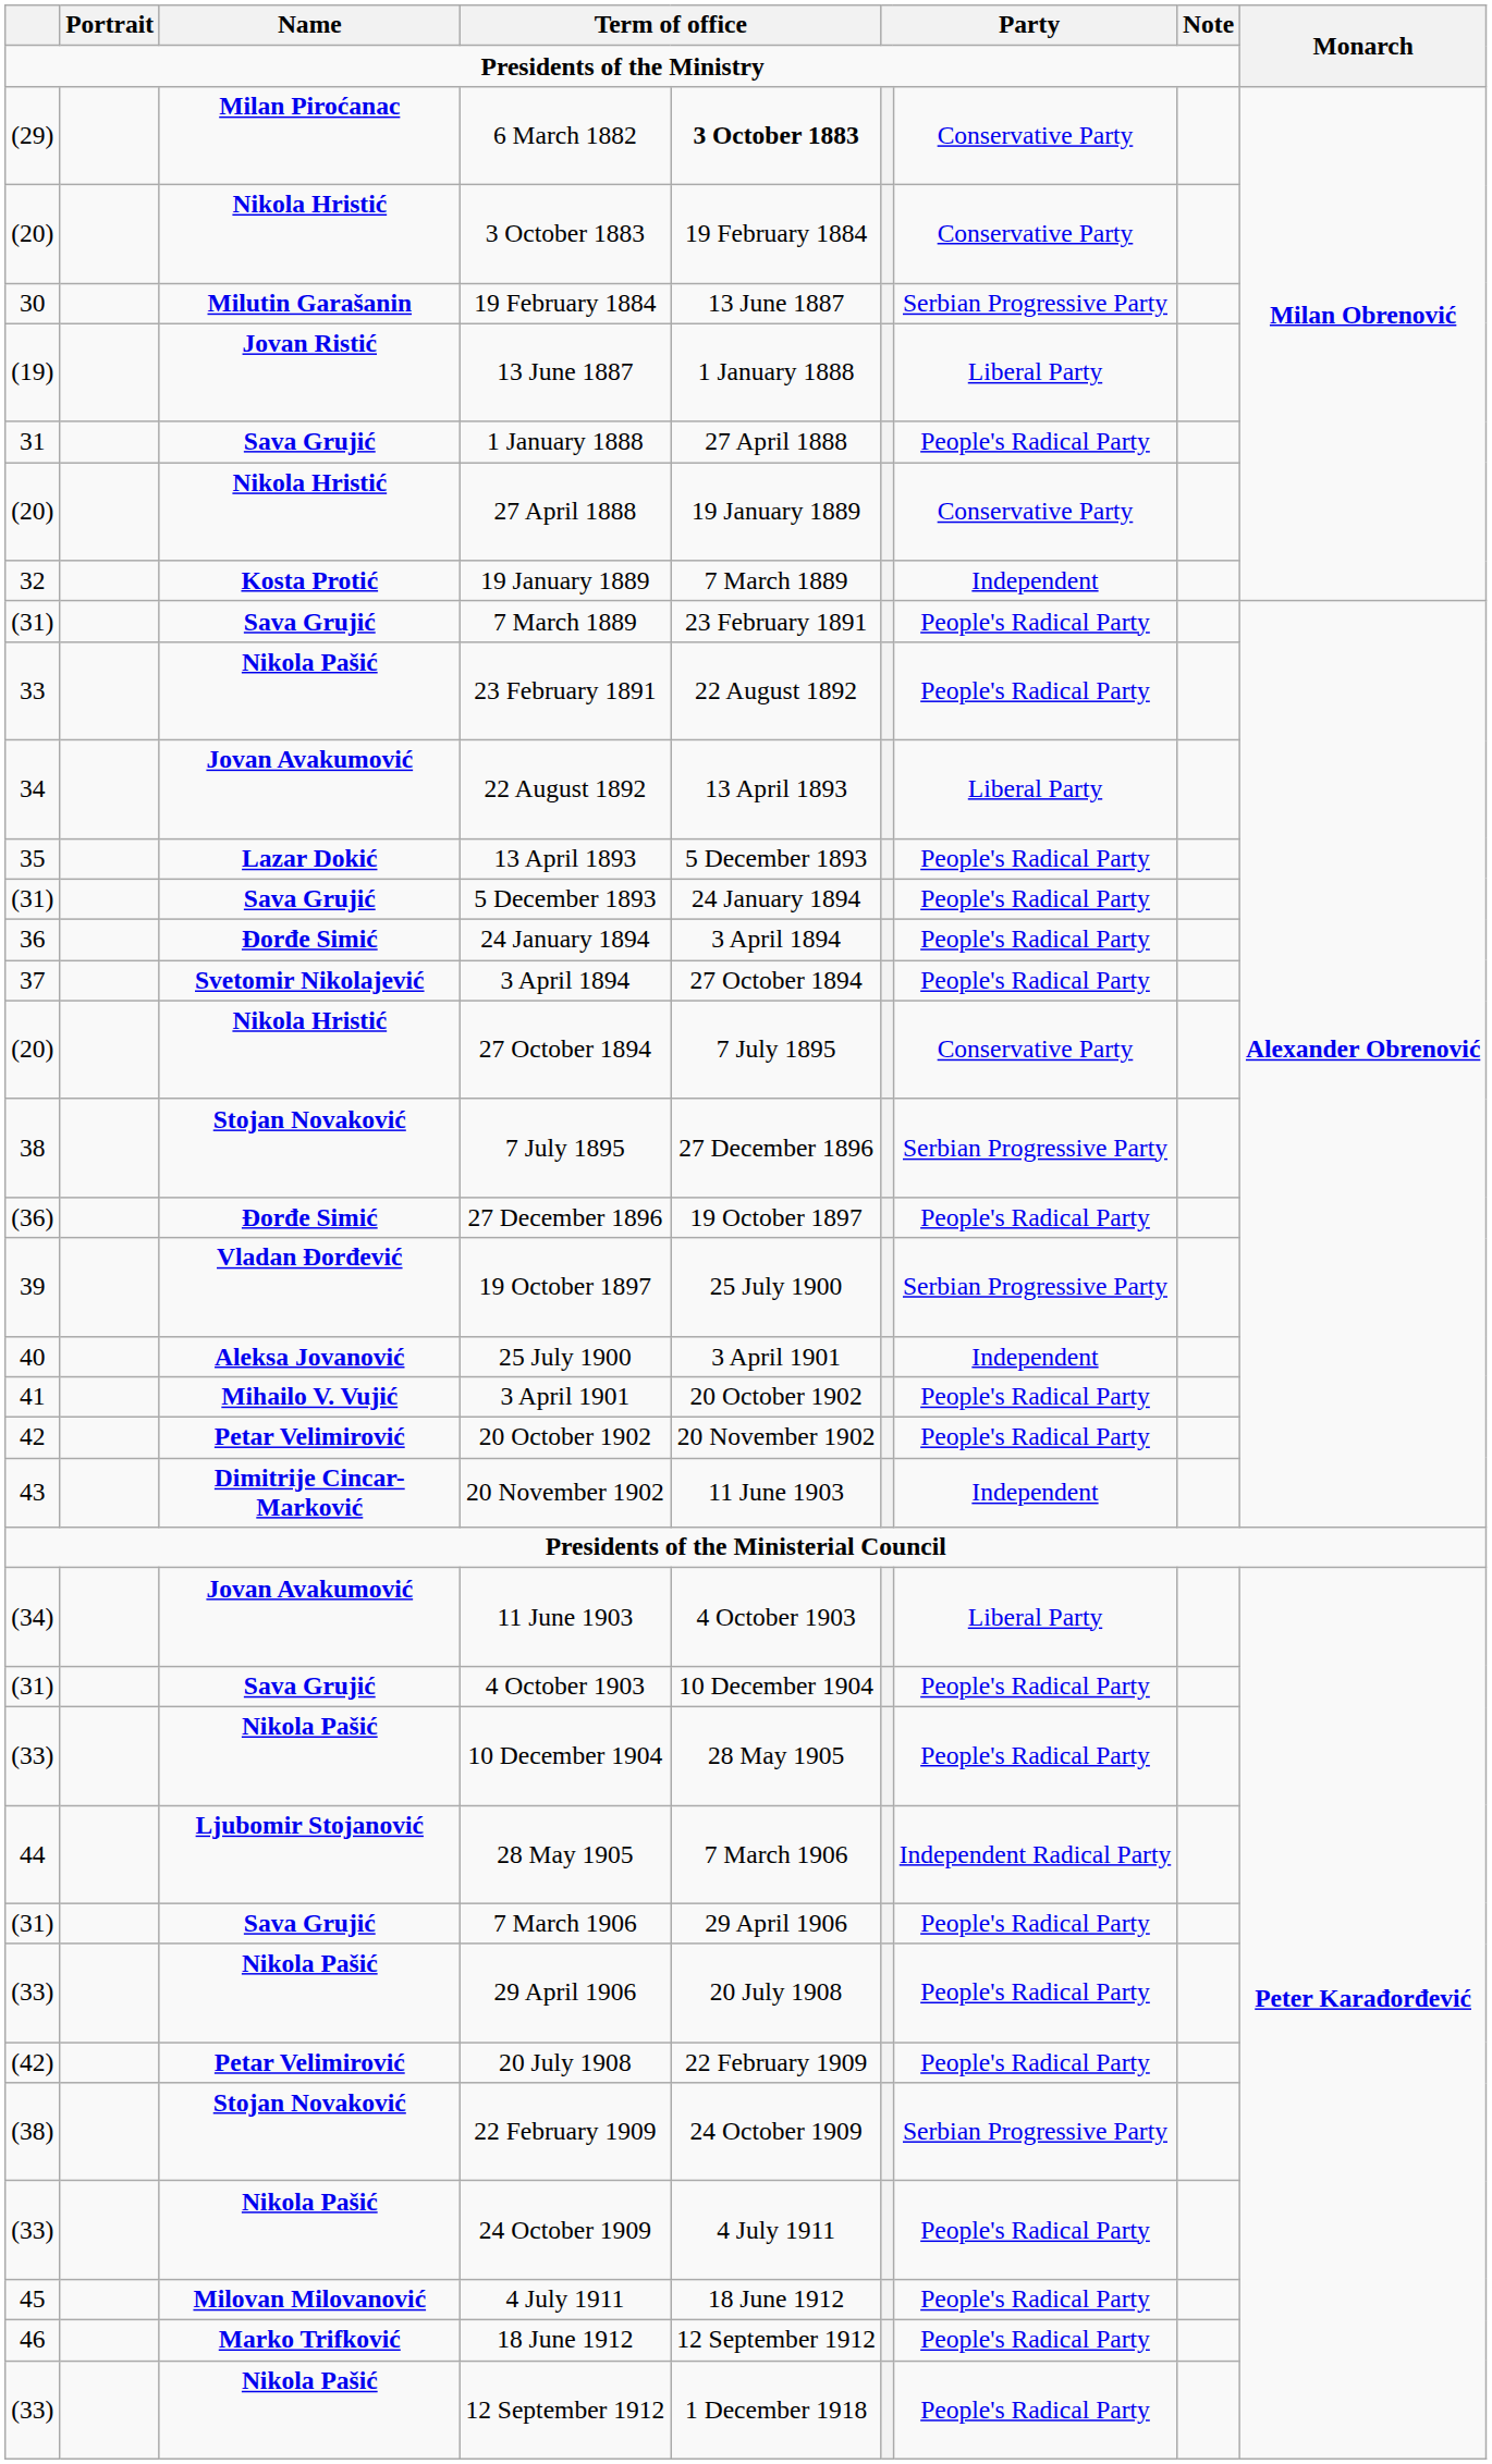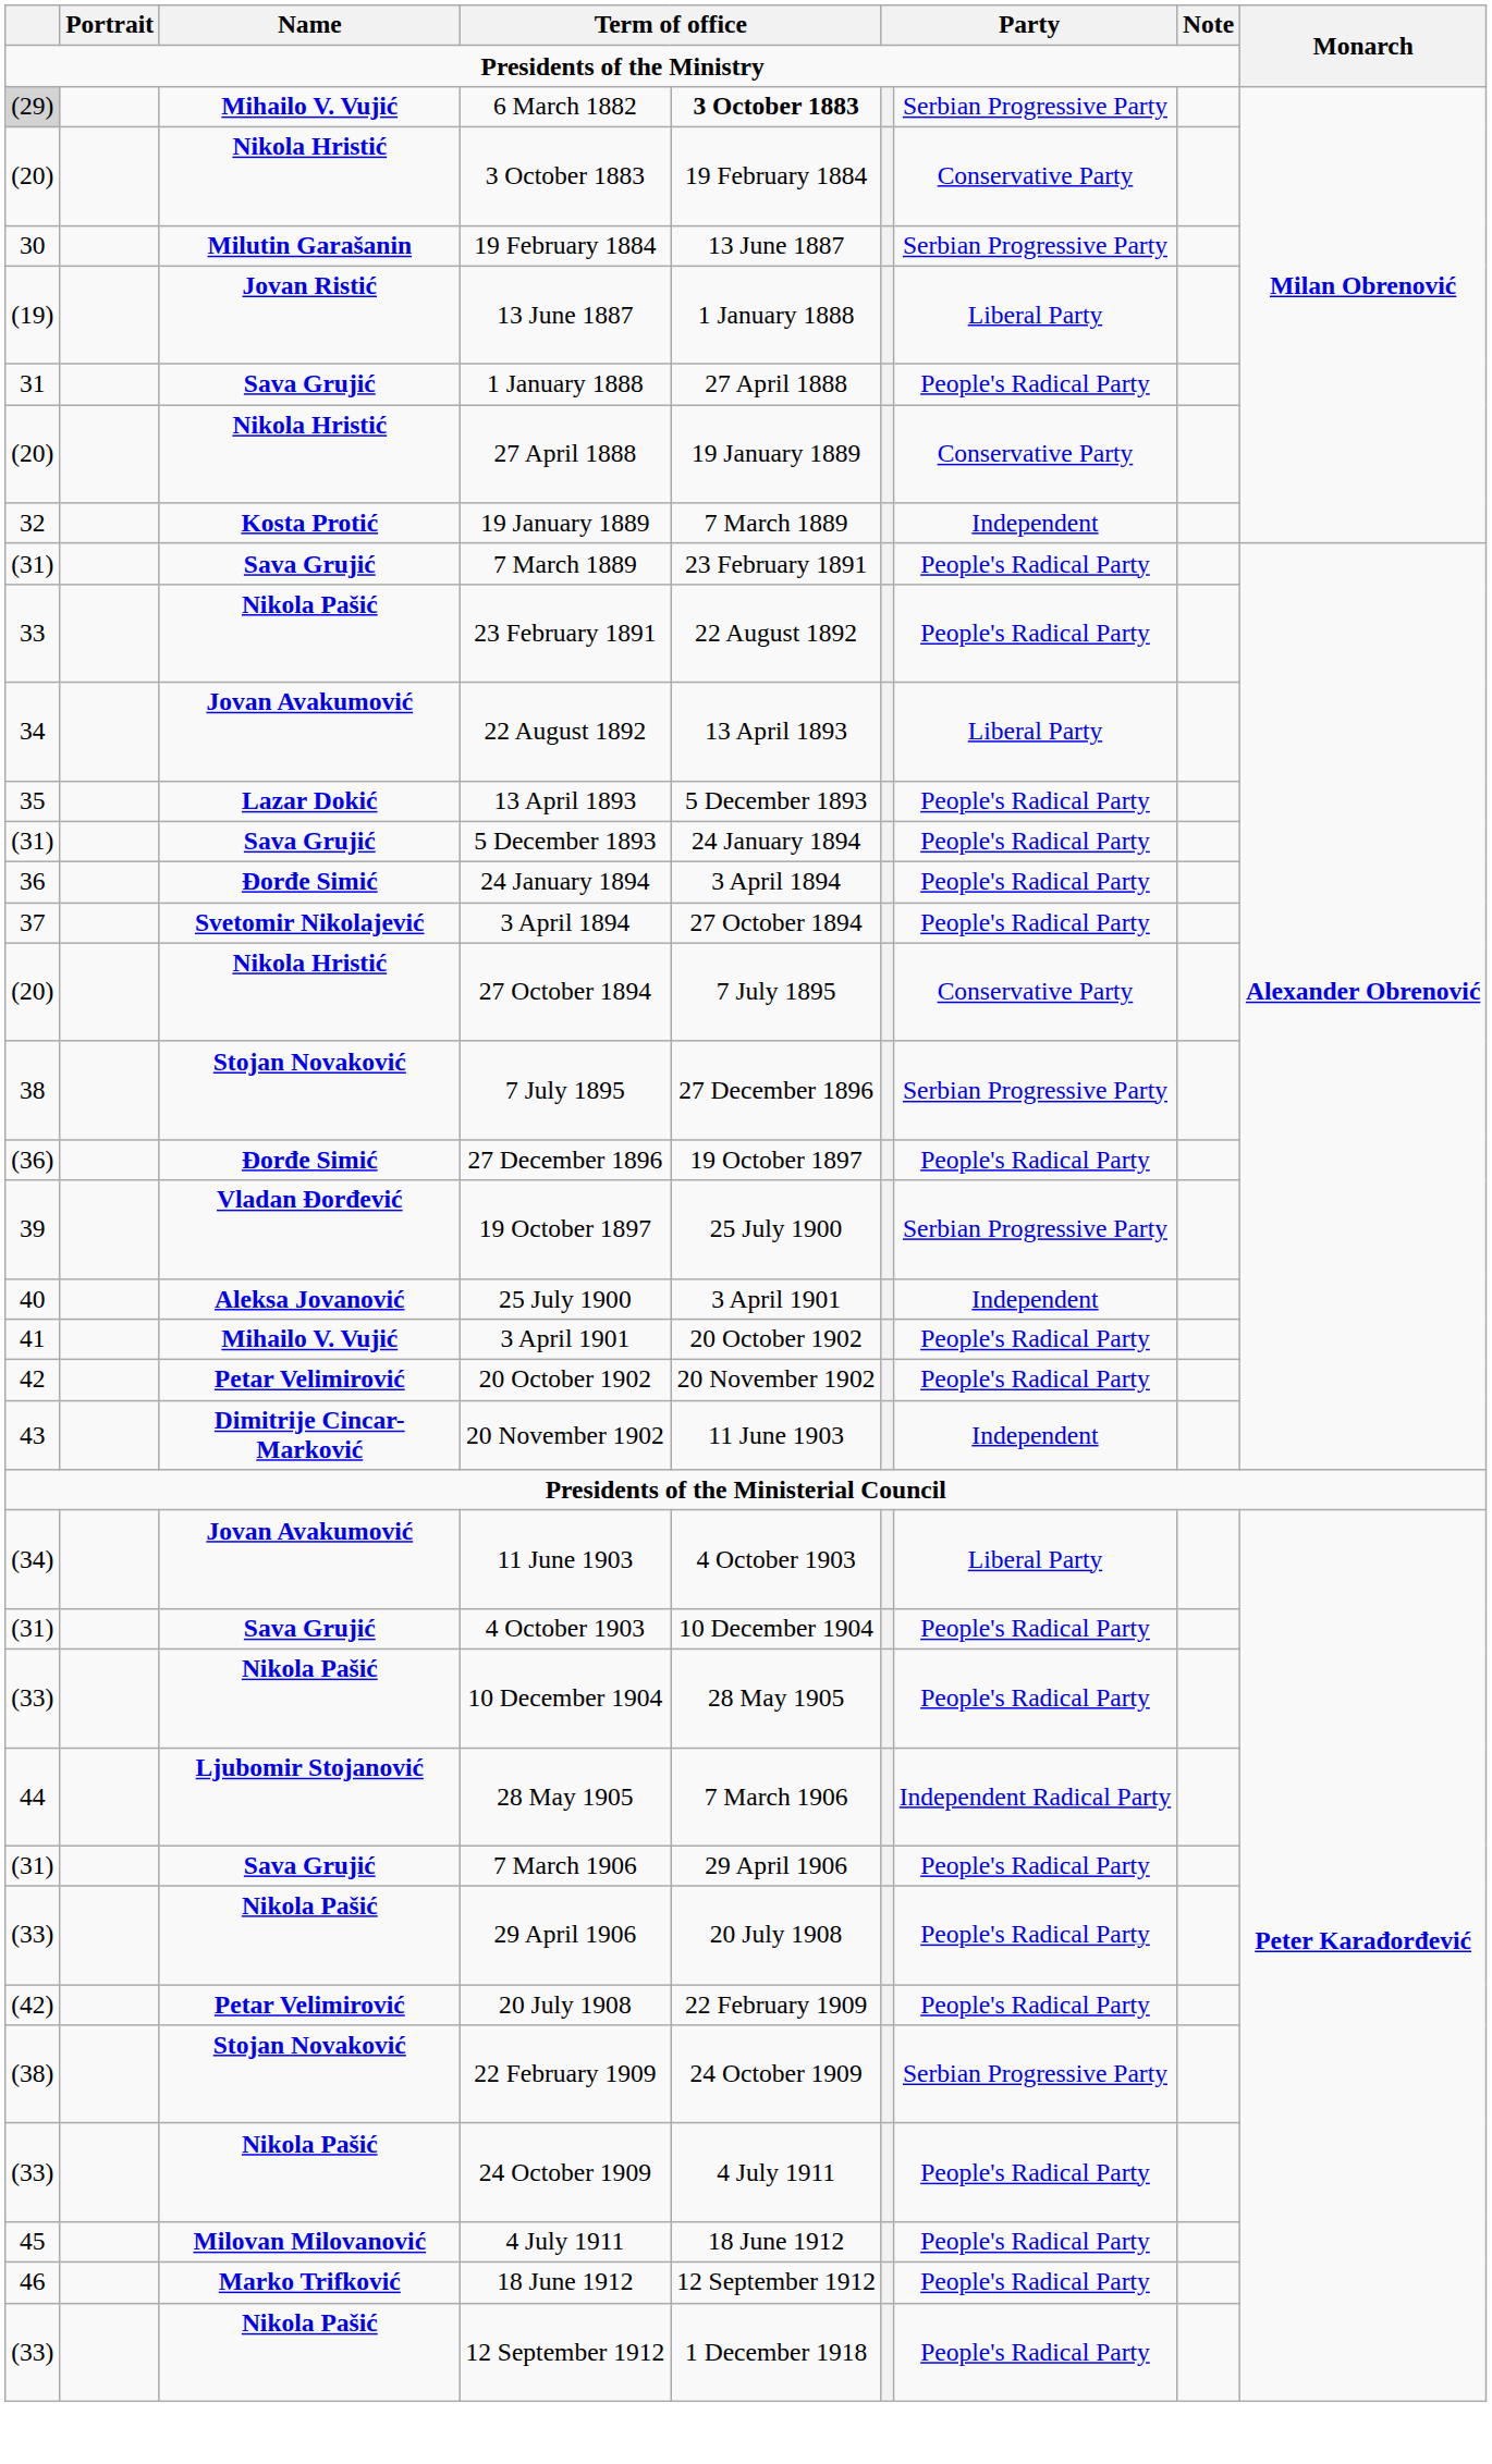 <table class="wikitable" style="text-align:center;">
 <tr>
 <th></th>
 <th>Portrait</th>
 <th width="180px">Name<br></th>
 <th colspan="2">Term of office</th>
 <th colspan="2">Party</th>
 <th>Note</th>
 <th rowspan="2">Monarch</th>
 </tr>
 <tr>
 <td colspan="8"><strong>Presidents of the Ministry</strong><br></td>
 </tr>
 <tr>
-<td>(29)</td>
+<td style="background: lightgrey;">(29)</td>
 <td></td>
-<td><strong><a href='#'>Milan Piroćanac</a></strong><br><br><br></td>
+<td><strong><a href='#'>Mihailo V. Vujić</a></strong><br></td>
 <td>6 March 1882</td>
 <td><strong>3 October 1883</strong></td>
 <th style="background: "></th>
-<td><a href='#'>Conservative Party</a></td>
+<td><a href='#'>Serbian Progressive Party</a></td>
 <td></td>
 <td rowspan="7"><strong><a href='#'>Milan Obrenović</a></strong><br><br><br></td>
 </tr>
 <tr>
 <td>(20)</td>
 <td></td>
 <td><strong><a href='#'>Nikola Hristić</a></strong><br><br><br></td>
 <td>3 October 1883</td>
 <td>19 February 1884</td>
 <th style="background: "></th>
 <td><a href='#'>Conservative Party</a></td>
 <td></td>
 </tr>
 <tr>
 <td>30</td>
 <td></td>
 <td><strong><a href='#'>Milutin Garašanin</a></strong><br></td>
 <td>19 February 1884</td>
 <td>13 June 1887</td>
 <th style="background: "></th>
 <td><a href='#'>Serbian Progressive Party</a></td>
 <td></td>
 </tr>
 <tr>
 <td>(19)</td>
 <td></td>
 <td><strong><a href='#'>Jovan Ristić</a></strong><br><br><br></td>
 <td>13 June 1887</td>
 <td>1 January 1888</td>
 <th style="background: "></th>
 <td><a href='#'>Liberal Party</a></td>
 <td></td>
 </tr>
 <tr>
 <td>31</td>
 <td></td>
 <td><strong><a href='#'>Sava Grujić</a></strong><br></td>
 <td>1 January 1888</td>
 <td>27 April 1888</td>
 <th style="background: "></th>
 <td><a href='#'>People's Radical Party</a></td>
 <td></td>
 </tr>
 <tr>
 <td>(20)</td>
 <td></td>
 <td><strong><a href='#'>Nikola Hristić</a></strong><br><br><br></td>
 <td>27 April 1888</td>
 <td>19 January 1889</td>
 <th style="background: "></th>
 <td><a href='#'>Conservative Party</a></td>
 <td></td>
 </tr>
 <tr>
 <td>32</td>
 <td></td>
 <td><strong><a href='#'>Kosta Protić</a></strong><br></td>
 <td>19 January 1889</td>
 <td>7 March 1889</td>
 <th style="background: "></th>
 <td><a href='#'>Independent</a></td>
 <td></td>
 </tr>
 <tr>
 <td>(31)</td>
 <td></td>
 <td><strong><a href='#'>Sava Grujić</a></strong><br></td>
 <td>7 March 1889</td>
 <td>23 February 1891</td>
 <th style="background: "></th>
 <td><a href='#'>People's Radical Party</a></td>
 <td></td>
 <td rowspan="15"><strong><a href='#'>Alexander Obrenović</a></strong><br><br></td>
 </tr>
 <tr>
 <td>33</td>
 <td></td>
 <td><strong><a href='#'>Nikola Pašić</a></strong><br><br><br></td>
 <td>23 February 1891</td>
 <td>22 August 1892</td>
 <th style="background: "></th>
 <td><a href='#'>People's Radical Party</a></td>
 <td></td>
 </tr>
 <tr>
 <td>34</td>
 <td></td>
 <td><strong><a href='#'>Jovan Avakumović</a></strong><br><br><br></td>
 <td>22 August 1892</td>
 <td>13 April 1893</td>
 <th style="background: "></th>
 <td><a href='#'>Liberal Party</a></td>
 <td></td>
 </tr>
 <tr>
 <td>35</td>
 <td></td>
 <td><strong><a href='#'>Lazar Dokić</a></strong><br></td>
 <td>13 April 1893</td>
 <td>5 December 1893</td>
 <th style="background: "></th>
 <td><a href='#'>People's Radical Party</a></td>
 <td></td>
 </tr>
 <tr>
 <td>(31)</td>
 <td></td>
 <td><strong><a href='#'>Sava Grujić</a></strong><br></td>
 <td>5 December 1893</td>
 <td>24 January 1894</td>
 <th style="background: "></th>
 <td><a href='#'>People's Radical Party</a></td>
 <td></td>
 </tr>
 <tr>
 <td>36</td>
 <td></td>
 <td><strong><a href='#'>Đorđe Simić</a></strong><br></td>
 <td>24 January 1894</td>
 <td>3 April 1894</td>
 <th style="background: "></th>
 <td><a href='#'>People's Radical Party</a></td>
 <td></td>
 </tr>
 <tr>
 <td>37</td>
 <td></td>
 <td><strong><a href='#'>Svetomir Nikolajević</a></strong><br></td>
 <td>3 April 1894</td>
 <td>27 October 1894</td>
 <th style="background: "></th>
 <td><a href='#'>People's Radical Party</a></td>
 <td></td>
 </tr>
 <tr>
 <td>(20)</td>
 <td></td>
 <td><strong><a href='#'>Nikola Hristić</a></strong><br><br><br></td>
 <td>27 October 1894</td>
 <td>7 July 1895</td>
 <th style="background: "></th>
 <td><a href='#'>Conservative Party</a></td>
 <td></td>
 </tr>
 <tr>
 <td>38</td>
 <td></td>
 <td><strong><a href='#'>Stojan Novaković</a></strong><br><br><br></td>
 <td>7 July 1895</td>
 <td>27 December 1896</td>
 <th style="background: "></th>
 <td><a href='#'>Serbian Progressive Party</a></td>
 <td></td>
 </tr>
 <tr>
 <td>(36)</td>
 <td></td>
 <td><strong><a href='#'>Đorđe Simić</a></strong><br></td>
 <td>27 December 1896</td>
 <td>19 October 1897</td>
 <th style="background: "></th>
 <td><a href='#'>People's Radical Party</a></td>
 <td></td>
 </tr>
 <tr>
 <td>39</td>
 <td></td>
 <td><strong><a href='#'>Vladan Đorđević</a></strong><br><br><br></td>
 <td>19 October 1897</td>
 <td>25 July 1900</td>
 <th style="background: "></th>
 <td><a href='#'>Serbian Progressive Party</a></td>
 <td></td>
 </tr>
 <tr>
 <td>40</td>
 <td></td>
 <td><a href='#'><strong>Aleksa Jovanović</strong></a><br></td>
 <td>25 July 1900</td>
 <td>3 April 1901</td>
 <th style="background: "></th>
 <td><a href='#'>Independent</a></td>
 <td></td>
 </tr>
 <tr>
 <td>41</td>
 <td></td>
 <td><strong><a href='#'>Mihailo V. Vujić</a></strong><br></td>
 <td>3 April 1901</td>
 <td>20 October 1902</td>
 <th style="background: "></th>
 <td><a href='#'>People's Radical Party</a></td>
 <td></td>
 </tr>
 <tr>
 <td>42</td>
 <td></td>
 <td><strong><a href='#'>Petar Velimirović</a></strong><br></td>
 <td>20 October 1902</td>
 <td>20 November 1902</td>
 <th style="background: "></th>
 <td><a href='#'>People's Radical Party</a></td>
 <td></td>
 </tr>
 <tr>
 <td>43</td>
 <td></td>
 <td><strong><a href='#'>Dimitrije Cincar-Marković</a></strong><br></td>
 <td>20 November 1902</td>
 <td>11 June 1903</td>
 <th style="background: "></th>
 <td><a href='#'>Independent</a></td>
 <td></td>
 </tr>
 <tr>
 <td colspan="9"><strong>Presidents of the Ministerial Council</strong><br></td>
 </tr>
 <tr>
 <td>(34)</td>
 <td></td>
 <td><strong><a href='#'>Jovan Avakumović</a></strong><br><br><br></td>
 <td>11 June 1903</td>
 <td>4 October 1903</td>
 <th style="background: "></th>
 <td><a href='#'>Liberal Party</a></td>
 <td></td>
 <td rowspan="12"><strong><a href='#'>Peter Karađorđević</a></strong><br><br></td>
 </tr>
 <tr>
 <td>(31)</td>
 <td></td>
 <td><strong><a href='#'>Sava Grujić</a></strong><br></td>
 <td>4 October 1903</td>
 <td>10 December 1904</td>
 <th style="background: "></th>
 <td><a href='#'>People's Radical Party</a></td>
 <td></td>
 </tr>
 <tr>
 <td>(33)</td>
 <td></td>
 <td><strong><a href='#'>Nikola Pašić</a></strong><br><br><br></td>
 <td>10 December 1904</td>
 <td>28 May 1905</td>
 <th style="background: "></th>
 <td><a href='#'>People's Radical Party</a></td>
 <td></td>
 </tr>
 <tr>
 <td>44</td>
 <td></td>
 <td><strong><a href='#'>Ljubomir Stojanović</a></strong><br><br><br></td>
 <td>28 May 1905</td>
 <td>7 March 1906</td>
 <th style="background: "></th>
 <td><a href='#'>Independent Radical Party</a></td>
 <td></td>
 </tr>
 <tr>
 <td>(31)</td>
 <td></td>
 <td><strong><a href='#'>Sava Grujić</a></strong><br></td>
 <td>7 March 1906</td>
 <td>29 April 1906</td>
 <th style="background: "></th>
 <td><a href='#'>People's Radical Party</a></td>
 <td></td>
 </tr>
 <tr>
 <td>(33)</td>
 <td></td>
 <td><strong><a href='#'>Nikola Pašić</a></strong><br><br><br></td>
 <td>29 April 1906</td>
 <td>20 July 1908</td>
 <th style="background: "></th>
 <td><a href='#'>People's Radical Party</a></td>
 <td></td>
 </tr>
 <tr>
 <td>(42)</td>
 <td></td>
 <td><strong><a href='#'>Petar Velimirović</a></strong><br></td>
 <td>20 July 1908</td>
 <td>22 February 1909</td>
 <th style="background: "></th>
 <td><a href='#'>People's Radical Party</a></td>
 <td></td>
 </tr>
 <tr>
 <td>(38)</td>
 <td></td>
 <td><strong><a href='#'>Stojan Novaković</a></strong><br><br><br></td>
 <td>22 February 1909</td>
 <td>24 October 1909</td>
 <th style="background: "></th>
 <td><a href='#'>Serbian Progressive Party</a></td>
 <td></td>
 </tr>
 <tr>
 <td>(33)</td>
 <td></td>
 <td><strong><a href='#'>Nikola Pašić</a></strong><br><br><br></td>
 <td>24 October 1909</td>
 <td>4 July 1911</td>
 <th style="background: "></th>
 <td><a href='#'>People's Radical Party</a></td>
 <td></td>
 </tr>
 <tr>
 <td>45</td>
 <td></td>
 <td><strong><a href='#'>Milovan Milovanović</a></strong><br></td>
 <td>4 July 1911</td>
 <td>18 June 1912</td>
 <th style="background: "></th>
 <td><a href='#'>People's Radical Party</a></td>
 <td></td>
 </tr>
 <tr>
 <td>46</td>
 <td></td>
 <td><strong><a href='#'>Marko Trifković</a></strong><br></td>
 <td>18 June 1912</td>
 <td>12 September 1912</td>
 <th style="background: "></th>
 <td><a href='#'>People's Radical Party</a></td>
 <td></td>
 </tr>
 <tr>
 <td>(33)</td>
 <td></td>
 <td><strong><a href='#'>Nikola Pašić</a></strong><br><br><br></td>
 <td>12 September 1912</td>
 <td>1 December 1918</td>
 <th style="background: "></th>
 <td><a href='#'>People's Radical Party</a></td>
 <td></td>
 </tr>
 </table>
